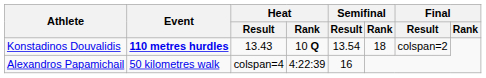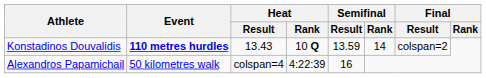 <table class="wikitable" style="font-size:90%">
 <tr>
 <th rowspan="2">Athlete</th>
 <th rowspan="2">Event</th>
 <th colspan="2">Heat</th>
 <th colspan="2">Semifinal</th>
 <th colspan="2">Final</th>
 </tr>
 <tr style="font-size:95%">
 <th>Result</th>
 <th>Rank</th>
 <th>Result</th>
 <th>Rank</th>
 <th>Result</th>
 <th>Rank</th>
 </tr>
 <tr style=text-align:center>
 <td style=text-align:left><a href='#'>Konstadinos Douvalidis</a></td>
 <td style=text-align:left><strong><a href='#'>110 metres hurdles</a></strong></td>
 <td>13.43</td>
 <td>10 <strong>Q</strong></td>
-<td>13.54</td>
-<td>18</td>
+<td>13.59</td>
+<td>14</td>
 <td>colspan=2 </td>
 </tr>
 <tr style=text-align:center>
 <td style=text-align:left><a href='#'>Alexandros Papamichail</a></td>
 <td style=text-align:left><a href='#'>50 kilometres walk</a></td>
 <td>colspan=4 </td>
 <td>4:22:39</td>
 <td>16</td>
 </tr>
 </table>
